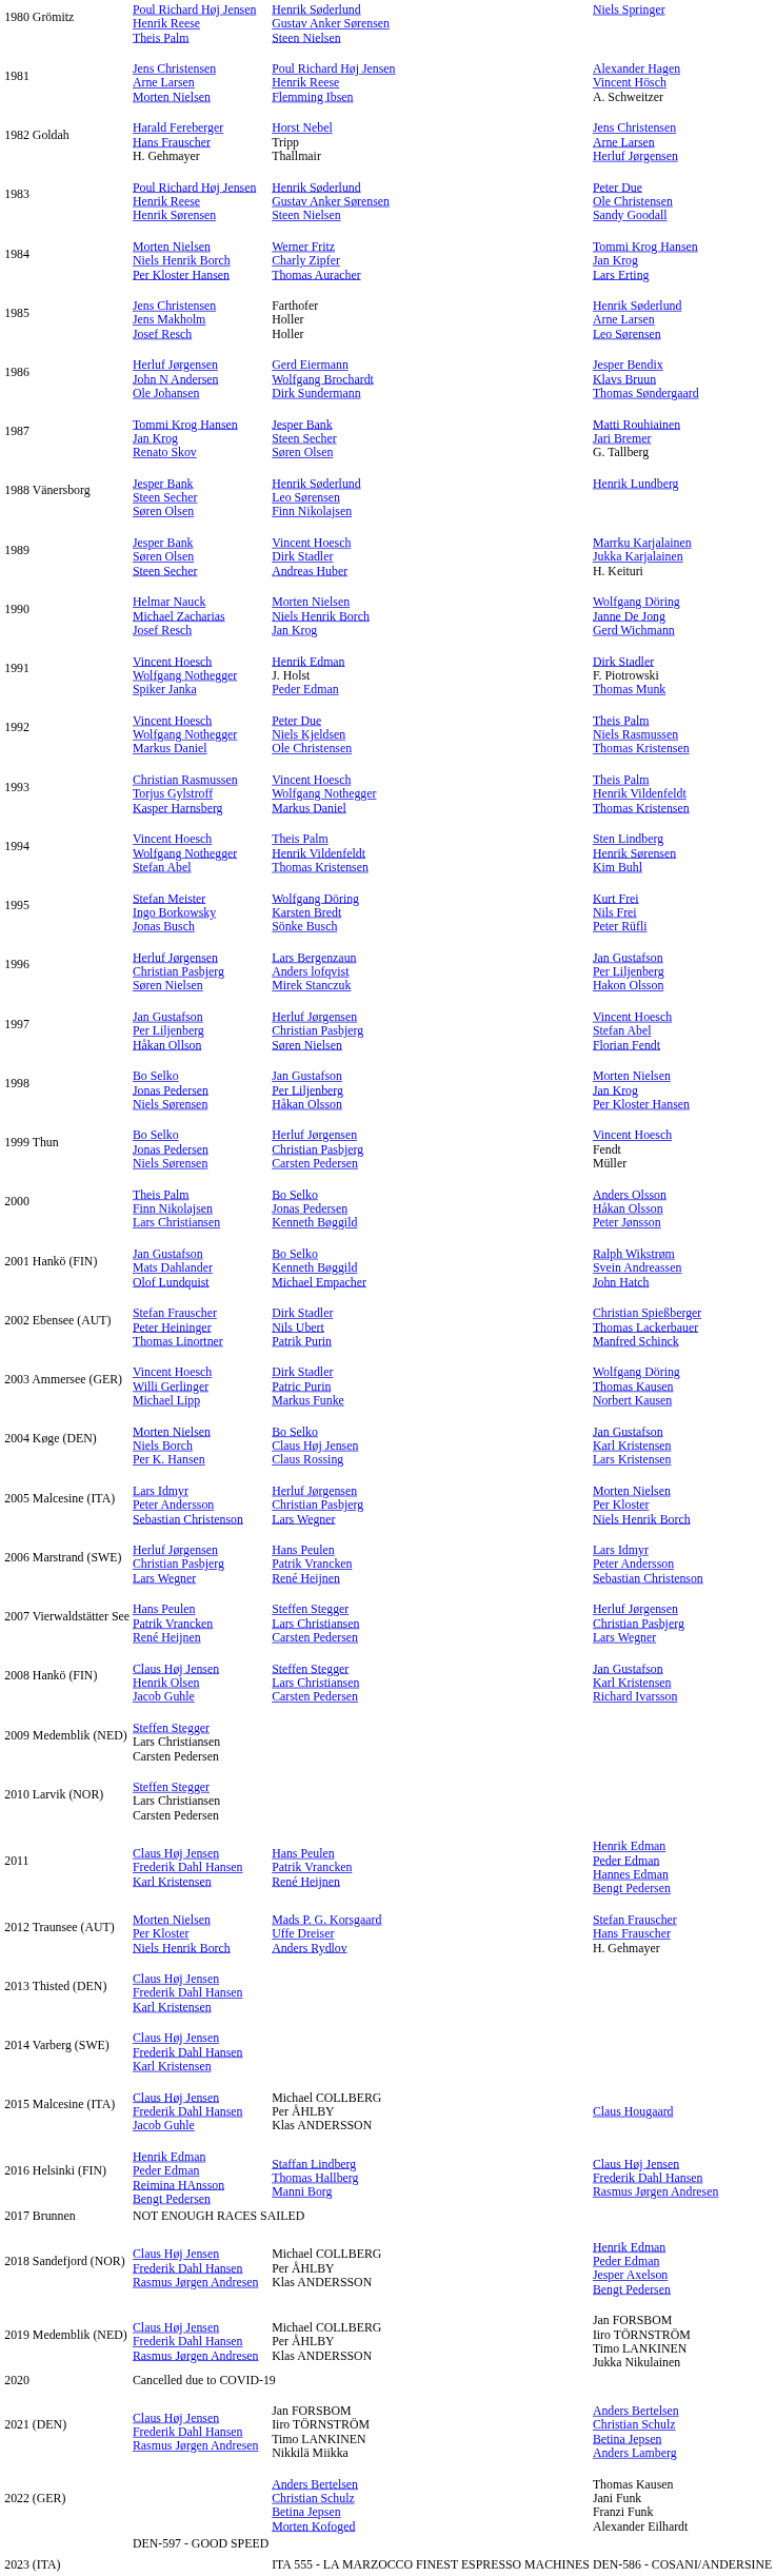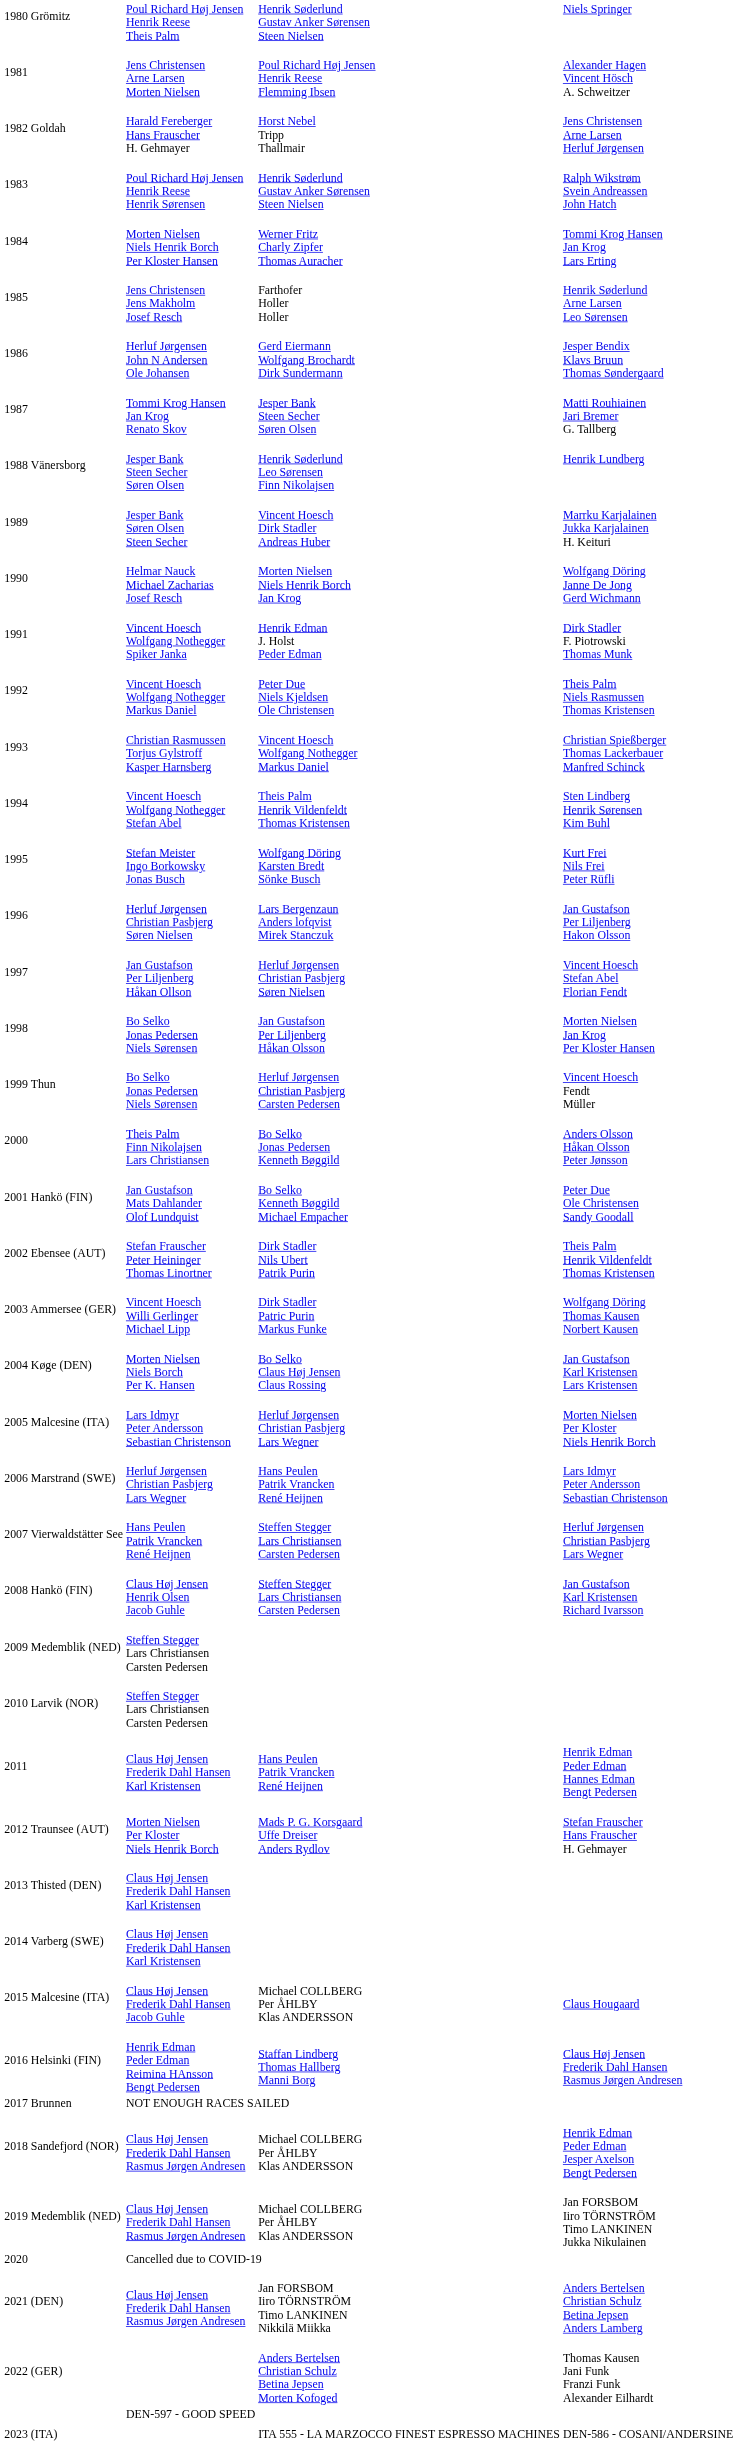 <table>
 <tr>
 <td>1980 Grömitz</td>
 <td><br><a href='#'>Poul Richard Høj Jensen</a><br><a href='#'>Henrik Reese</a><br><a href='#'>Theis Palm</a></td>
 <td><br><a href='#'>Henrik Søderlund</a><br><a href='#'>Gustav Anker Sørensen</a><br><a href='#'>Steen Nielsen</a></td>
 <td><br><a href='#'>Niels Springer</a><br> <br> </td>
 </tr>
 <tr>
 <td>1981</td>
 <td><br><a href='#'>Jens Christensen</a><br><a href='#'>Arne Larsen</a><br><a href='#'>Morten Nielsen</a></td>
 <td><br><a href='#'>Poul Richard Høj Jensen</a><br><a href='#'>Henrik Reese</a><br><a href='#'>Flemming Ibsen</a></td>
 <td><br><a href='#'>Alexander Hagen</a><br><a href='#'>Vincent Hösch</a><br>A. Schweitzer</td>
 </tr>
 <tr>
 <td>1982 Goldah</td>
 <td><br><a href='#'>Harald Fereberger</a><br><a href='#'>Hans Frauscher</a><br>H. Gehmayer</td>
 <td><br><a href='#'>Horst Nebel</a><br>Tripp<br>Thallmair</td>
 <td><br><a href='#'>Jens Christensen</a><br><a href='#'>Arne Larsen</a><br><a href='#'>Herluf Jørgensen</a></td>
 </tr>
 <tr>
 <td>1983</td>
 <td><br><a href='#'>Poul Richard Høj Jensen</a><br><a href='#'>Henrik Reese</a><br><a href='#'>Henrik Sørensen</a></td>
 <td><br><a href='#'>Henrik Søderlund</a><br><a href='#'>Gustav Anker Sørensen</a><br><a href='#'>Steen Nielsen</a></td>
-<td><br><a href='#'>Peter Due</a><br><a href='#'>Ole Christensen</a><br><a href='#'>Sandy Goodall</a></td>
+<td><br><a href='#'>Ralph Wikstrøm</a><br><a href='#'>Svein Andreassen</a><br><a href='#'>John Hatch</a></td>
 </tr>
 <tr>
 <td>1984</td>
 <td><br><a href='#'>Morten Nielsen</a><br><a href='#'>Niels Henrik Borch</a><br><a href='#'>Per Kloster Hansen</a></td>
 <td><br><a href='#'>Werner Fritz</a><br><a href='#'>Charly Zipfer</a><br><a href='#'>Thomas Auracher</a></td>
 <td><br><a href='#'>Tommi Krog Hansen</a><br><a href='#'>Jan Krog</a><br><a href='#'>Lars Erting</a></td>
 </tr>
 <tr>
 <td>1985</td>
 <td><br><a href='#'>Jens Christensen</a><br><a href='#'>Jens Makholm</a><br><a href='#'>Josef Resch</a></td>
 <td><br>Farthofer<br>Holler<br>Holler</td>
 <td><br><a href='#'>Henrik Søderlund</a><br><a href='#'>Arne Larsen</a><br><a href='#'>Leo Sørensen</a></td>
 </tr>
 <tr>
 <td>1986</td>
 <td><br><a href='#'>Herluf Jørgensen</a><br><a href='#'>John N Andersen</a><br><a href='#'>Ole Johansen</a></td>
 <td><br><a href='#'>Gerd Eiermann</a><br><a href='#'>Wolfgang Brochardt</a><br><a href='#'>Dirk Sundermann</a></td>
 <td><br><a href='#'>Jesper Bendix</a><br><a href='#'>Klavs Bruun</a><br><a href='#'>Thomas Søndergaard</a></td>
 </tr>
 <tr>
 <td>1987</td>
 <td><br><a href='#'>Tommi Krog Hansen</a><br><a href='#'>Jan Krog</a><br><a href='#'>Renato Skov</a></td>
 <td><br><a href='#'>Jesper Bank</a><br><a href='#'>Steen Secher</a><br><a href='#'>Søren Olsen</a></td>
 <td><br><a href='#'>Matti Rouhiainen</a><br><a href='#'>Jari Bremer</a><br>G. Tallberg</td>
 </tr>
 <tr>
 <td>1988 Vänersborg</td>
 <td><br><a href='#'>Jesper Bank</a><br><a href='#'>Steen Secher</a><br><a href='#'>Søren Olsen</a></td>
 <td><br><a href='#'>Henrik Søderlund</a><br><a href='#'>Leo Sørensen</a><br><a href='#'>Finn Nikolajsen</a></td>
 <td><br><a href='#'>Henrik Lundberg</a><br> <br> </td>
 </tr>
 <tr>
 <td>1989</td>
 <td><br><a href='#'>Jesper Bank</a><br><a href='#'>Søren Olsen</a><br><a href='#'>Steen Secher</a></td>
 <td><br><a href='#'>Vincent Hoesch</a><br><a href='#'>Dirk Stadler</a><br><a href='#'>Andreas Huber</a></td>
 <td><br><a href='#'>Marrku Karjalainen</a><br><a href='#'>Jukka Karjalainen</a><br>H. Keituri</td>
 </tr>
 <tr>
 <td>1990</td>
 <td><br><a href='#'>Helmar Nauck</a><br><a href='#'>Michael Zacharias</a><br><a href='#'>Josef Resch</a></td>
 <td><br><a href='#'>Morten Nielsen</a><br><a href='#'>Niels Henrik Borch</a><br><a href='#'>Jan Krog</a></td>
 <td><br><a href='#'>Wolfgang Döring</a><br><a href='#'>Janne De Jong</a><br><a href='#'>Gerd Wichmann</a></td>
 </tr>
 <tr>
 <td>1991</td>
 <td><br><a href='#'>Vincent Hoesch</a><br><a href='#'>Wolfgang Nothegger</a><br><a href='#'>Spiker Janka</a></td>
 <td><br><a href='#'>Henrik Edman</a><br>J. Holst<br><a href='#'>Peder Edman</a></td>
 <td><br><a href='#'>Dirk Stadler</a><br>F. Piotrowski<br><a href='#'>Thomas Munk</a></td>
 </tr>
 <tr>
 <td>1992</td>
 <td><br><a href='#'>Vincent Hoesch</a><br><a href='#'>Wolfgang Nothegger</a><br><a href='#'>Markus Daniel</a></td>
 <td><br><a href='#'>Peter Due</a><br><a href='#'>Niels Kjeldsen</a><br><a href='#'>Ole Christensen</a></td>
 <td><br><a href='#'>Theis Palm</a><br><a href='#'>Niels Rasmussen</a><br><a href='#'>Thomas Kristensen</a></td>
 </tr>
 <tr>
 <td>1993</td>
 <td><br><a href='#'>Christian Rasmussen</a><br><a href='#'>Torjus Gylstroff</a><br><a href='#'>Kasper Harnsberg</a></td>
 <td><br><a href='#'>Vincent Hoesch</a><br><a href='#'>Wolfgang Nothegger</a><br><a href='#'>Markus Daniel</a></td>
-<td><br><a href='#'>Theis Palm</a><br><a href='#'>Henrik Vildenfeldt</a><br><a href='#'>Thomas Kristensen</a></td>
+<td><br><a href='#'>Christian Spießberger</a><br><a href='#'>Thomas Lackerbauer</a><br><a href='#'>Manfred Schinck</a></td>
 </tr>
 <tr>
 <td>1994</td>
 <td><br><a href='#'>Vincent Hoesch</a><br><a href='#'>Wolfgang Nothegger</a><br><a href='#'>Stefan Abel</a></td>
 <td><br><a href='#'>Theis Palm</a><br><a href='#'>Henrik Vildenfeldt</a><br><a href='#'>Thomas Kristensen</a></td>
 <td><br><a href='#'>Sten Lindberg</a><br><a href='#'>Henrik Sørensen</a><br><a href='#'>Kim Buhl</a></td>
 </tr>
 <tr>
 <td>1995</td>
 <td><br><a href='#'>Stefan Meister</a><br><a href='#'>Ingo Borkowsky</a><br><a href='#'>Jonas Busch</a></td>
 <td><br><a href='#'>Wolfgang Döring</a><br><a href='#'>Karsten Bredt</a><br><a href='#'>Sönke Busch</a></td>
 <td><br><a href='#'>Kurt Frei</a><br><a href='#'>Nils Frei</a><br><a href='#'>Peter Rüfli</a></td>
 </tr>
 <tr>
 <td>1996</td>
 <td><br><a href='#'>Herluf Jørgensen</a><br><a href='#'>Christian Pasbjerg</a><br><a href='#'>Søren Nielsen</a></td>
 <td><br><a href='#'>Lars Bergenzaun</a><br><a href='#'>Anders lofqvist</a><br><a href='#'>Mirek Stanczuk</a></td>
 <td><br><a href='#'>Jan Gustafson</a><br><a href='#'>Per Liljenberg</a><br><a href='#'>Hakon Olsson</a></td>
 </tr>
 <tr>
 <td>1997</td>
 <td><br><a href='#'>Jan Gustafson</a><br><a href='#'>Per Liljenberg</a><br><a href='#'>Håkan Ollson</a></td>
 <td><br><a href='#'>Herluf Jørgensen</a><br><a href='#'>Christian Pasbjerg</a><br><a href='#'>Søren Nielsen</a></td>
 <td><br><a href='#'>Vincent Hoesch</a><br><a href='#'>Stefan Abel</a><br><a href='#'>Florian Fendt</a></td>
 </tr>
 <tr>
 <td>1998</td>
 <td><br><a href='#'>Bo Selko</a><br><a href='#'>Jonas Pedersen</a><br><a href='#'>Niels Sørensen</a></td>
 <td><br><a href='#'>Jan Gustafson</a><br><a href='#'>Per Liljenberg</a><br><a href='#'>Håkan Olsson</a></td>
 <td><br><a href='#'>Morten Nielsen</a><br><a href='#'>Jan Krog</a><br><a href='#'>Per Kloster Hansen</a></td>
 </tr>
 <tr>
 <td>1999 Thun</td>
 <td><br><a href='#'>Bo Selko</a><br><a href='#'>Jonas Pedersen</a><br><a href='#'>Niels Sørensen</a></td>
 <td><br><a href='#'>Herluf Jørgensen</a><br><a href='#'>Christian Pasbjerg</a><br><a href='#'>Carsten Pedersen</a></td>
 <td><br><a href='#'>Vincent Hoesch</a><br>Fendt<br>Müller</td>
 </tr>
 <tr>
 <td>2000</td>
 <td><br><a href='#'>Theis Palm</a><br><a href='#'>Finn Nikolajsen</a><br><a href='#'>Lars Christiansen</a></td>
 <td><br><a href='#'>Bo Selko</a><br><a href='#'>Jonas Pedersen</a><br><a href='#'>Kenneth Bøggild</a></td>
 <td><br><a href='#'>Anders Olsson</a><br><a href='#'>Håkan Olsson</a><br><a href='#'>Peter Jønsson</a></td>
 </tr>
 <tr>
 <td>2001 Hankö (FIN)</td>
 <td><br><a href='#'>Jan Gustafson</a><br><a href='#'>Mats Dahlander</a><br><a href='#'>Olof Lundquist</a></td>
 <td><br><a href='#'>Bo Selko</a><br><a href='#'>Kenneth Bøggild</a><br><a href='#'>Michael Empacher</a></td>
-<td><br><a href='#'>Ralph Wikstrøm</a><br><a href='#'>Svein Andreassen</a><br><a href='#'>John Hatch</a></td>
+<td><br><a href='#'>Peter Due</a><br><a href='#'>Ole Christensen</a><br><a href='#'>Sandy Goodall</a></td>
 </tr>
 <tr>
 <td>2002 Ebensee (AUT)</td>
 <td><br><a href='#'>Stefan Frauscher</a><br><a href='#'>Peter Heininger</a><br><a href='#'>Thomas Linortner</a></td>
 <td><br><a href='#'>Dirk Stadler</a><br><a href='#'>Nils Ubert</a><br><a href='#'>Patrik Purin</a></td>
-<td><br><a href='#'>Christian Spießberger</a><br><a href='#'>Thomas Lackerbauer</a><br><a href='#'>Manfred Schinck</a></td>
+<td><br><a href='#'>Theis Palm</a><br><a href='#'>Henrik Vildenfeldt</a><br><a href='#'>Thomas Kristensen</a></td>
 </tr>
 <tr>
 <td>2003 Ammersee (GER)</td>
 <td><br><a href='#'>Vincent Hoesch</a><br><a href='#'>Willi Gerlinger</a><br><a href='#'>Michael Lipp</a></td>
 <td><br><a href='#'>Dirk Stadler</a><br><a href='#'>Patric Purin</a><br><a href='#'>Markus Funke</a></td>
 <td><br><a href='#'>Wolfgang Döring</a><br><a href='#'>Thomas Kausen</a><br><a href='#'>Norbert Kausen</a></td>
 <td></td>
 </tr>
 <tr>
 <td>2004 Køge (DEN)</td>
 <td><br><a href='#'>Morten Nielsen</a><br><a href='#'>Niels Borch</a><br><a href='#'>Per K. Hansen</a></td>
 <td><br><a href='#'>Bo Selko</a><br><a href='#'>Claus Høj Jensen</a><br><a href='#'>Claus Rossing</a></td>
 <td><br><a href='#'>Jan Gustafson</a><br><a href='#'>Karl Kristensen</a><br><a href='#'>Lars Kristensen</a></td>
 </tr>
 <tr>
 <td>2005 Malcesine (ITA)</td>
 <td><br><a href='#'>Lars Idmyr</a><br><a href='#'>Peter Andersson</a><br><a href='#'>Sebastian Christenson</a></td>
 <td><br><a href='#'>Herluf Jørgensen</a><br><a href='#'>Christian Pasbjerg</a><br><a href='#'>Lars Wegner</a></td>
 <td><br><a href='#'>Morten Nielsen</a><br><a href='#'>Per Kloster</a><br><a href='#'>Niels Henrik Borch</a></td>
 </tr>
 <tr>
 <td>2006 Marstrand (SWE)</td>
 <td><br><a href='#'>Herluf Jørgensen</a><br><a href='#'>Christian Pasbjerg</a><br><a href='#'>Lars Wegner</a></td>
 <td><br><a href='#'>Hans Peulen</a><br><a href='#'>Patrik Vrancken</a><br><a href='#'>René Heijnen</a></td>
 <td><br><a href='#'>Lars Idmyr</a><br><a href='#'>Peter Andersson</a><br><a href='#'>Sebastian Christenson</a></td>
 </tr>
 <tr>
 <td>2007 Vierwaldstätter See</td>
 <td><br><a href='#'>Hans Peulen</a><br><a href='#'>Patrik Vrancken</a><br><a href='#'>René Heijnen</a></td>
 <td><br><a href='#'>Steffen Stegger</a><br><a href='#'>Lars Christiansen</a><br><a href='#'>Carsten Pedersen</a></td>
 <td><br><a href='#'>Herluf Jørgensen</a><br><a href='#'>Christian Pasbjerg</a><br><a href='#'>Lars Wegner</a></td>
 </tr>
 <tr>
 <td>2008 Hankö (FIN)</td>
 <td><br><a href='#'>Claus Høj Jensen</a><br><a href='#'>Henrik Olsen</a><br><a href='#'>Jacob Guhle</a></td>
 <td><br><a href='#'>Steffen Stegger</a><br><a href='#'>Lars Christiansen</a><br><a href='#'>Carsten Pedersen</a></td>
 <td><br><a href='#'>Jan Gustafson</a><br><a href='#'>Karl Kristensen</a><br><a href='#'>Richard Ivarsson</a></td>
 </tr>
 <tr>
 <td>2009 Medemblik (NED)</td>
 <td><br><a href='#'>Steffen Stegger</a><br>Lars Christiansen<br>Carsten Pedersen</td>
 <td></td>
 <td></td>
 </tr>
 <tr>
 <td>2010 Larvik (NOR)</td>
 <td><br><a href='#'>Steffen Stegger</a><br>Lars Christiansen<br>Carsten Pedersen</td>
 <td></td>
 <td></td>
 </tr>
 <tr>
 <td>2011</td>
 <td><br><a href='#'>Claus Høj Jensen</a><br><a href='#'>Frederik Dahl Hansen</a><br><a href='#'>Karl Kristensen</a></td>
 <td><br><a href='#'>Hans Peulen</a><br><a href='#'>Patrik Vrancken</a><br><a href='#'>René Heijnen</a></td>
 <td><br><a href='#'>Henrik Edman</a><br><a href='#'>Peder Edman</a><br><a href='#'>Hannes Edman</a><br><a href='#'>Bengt Pedersen</a></td>
 <td></td>
 </tr>
 <tr>
 <td>2012 Traunsee (AUT)</td>
 <td><br><a href='#'>Morten Nielsen</a><br><a href='#'>Per Kloster</a><br><a href='#'>Niels Henrik Borch</a></td>
 <td><br><a href='#'>Mads P. G. Korsgaard</a><br><a href='#'>Uffe Dreiser</a><br><a href='#'>Anders Rydlov</a></td>
 <td><br><a href='#'>Stefan Frauscher</a><br><a href='#'>Hans Frauscher</a><br>H. Gehmayer</td>
 <td></td>
 </tr>
 <tr>
 <td>2013 Thisted (DEN)</td>
 <td><br><a href='#'>Claus Høj Jensen</a><br><a href='#'>Frederik Dahl Hansen</a><br><a href='#'>Karl Kristensen</a></td>
 <td></td>
 <td></td>
 <td></td>
 </tr>
 <tr>
 <td>2014 Varberg (SWE)</td>
 <td><br><a href='#'>Claus Høj Jensen</a><br><a href='#'>Frederik Dahl Hansen</a><br><a href='#'>Karl Kristensen</a></td>
 <td></td>
 <td></td>
 <td></td>
 </tr>
 <tr>
 <td>2015 Malcesine (ITA)</td>
 <td><br><a href='#'>Claus Høj Jensen</a><br><a href='#'>Frederik Dahl Hansen</a><br><a href='#'>Jacob Guhle</a></td>
 <td><br> Michael COLLBERG<br>Per ÅHLBY<br>Klas ANDERSSON</td>
 <td><br><a href='#'>Claus Hougaard</a></td>
 <td></td>
 </tr>
 <tr>
 <td>2016 Helsinki (FIN)</td>
 <td><br><a href='#'>Henrik Edman</a><br><a href='#'>Peder Edman</a><br><a href='#'>Reimina HAnsson</a><br><a href='#'>Bengt Pedersen</a></td>
 <td><br><a href='#'>Staffan Lindberg</a><br><a href='#'>Thomas Hallberg</a><br><a href='#'>Manni Borg</a></td>
 <td><br><a href='#'>Claus Høj Jensen</a><br><a href='#'>Frederik Dahl Hansen</a><br><a href='#'>Rasmus Jørgen Andresen</a></td>
 <td></td>
 </tr>
 <tr>
 <td>2017 Brunnen</td>
 <td colspan=3>NOT ENOUGH RACES SAILED</td>
 <td></td>
 </tr>
 <tr>
 <td>2018 Sandefjord (NOR)</td>
 <td><br><a href='#'>Claus Høj Jensen</a><br><a href='#'>Frederik Dahl Hansen</a><br><a href='#'>Rasmus Jørgen Andresen</a></td>
 <td><br> Michael COLLBERG<br>Per ÅHLBY<br>Klas ANDERSSON</td>
 <td><br><a href='#'>Henrik Edman</a><br><a href='#'>Peder Edman</a><br><a href='#'>Jesper Axelson</a><br><a href='#'>Bengt Pedersen</a></td>
 <td></td>
 </tr>
 <tr>
 <td>2019 Medemblik (NED)</td>
 <td><br><a href='#'>Claus Høj Jensen</a><br><a href='#'>Frederik Dahl Hansen</a><br><a href='#'>Rasmus Jørgen Andresen</a></td>
 <td><br> Michael COLLBERG<br>Per ÅHLBY<br>Klas ANDERSSON</td>
 <td><br> Jan FORSBOM<br>Iiro TÖRNSTRÖM<br>Timo LANKINEN<br>Jukka Nikulainen<br></td>
 <td></td>
 </tr>
 <tr>
 <td>2020</td>
 <td colspan=3>Cancelled due to COVID-19</td>
 <td></td>
 </tr>
 <tr>
 <td>2021 (DEN)</td>
 <td><br><a href='#'>Claus Høj Jensen</a><br><a href='#'>Frederik Dahl Hansen</a><br><a href='#'>Rasmus Jørgen Andresen</a></td>
 <td><br> Jan FORSBOM<br>Iiro TÖRNSTRÖM<br>Timo LANKINEN<br>Nikkilä Miikka<br></td>
 <td><br><a href='#'>Anders Bertelsen</a><br><a href='#'>Christian Schulz</a><br><a href='#'>Betina Jepsen</a><br><a href='#'>Anders Lamberg</a></td>
 <td></td>
 </tr>
 <tr>
 <td>2022 (GER)</td>
 <td><br><br></td>
 <td><br><a href='#'>Anders Bertelsen</a><br><a href='#'>Christian Schulz</a><br><a href='#'>Betina Jepsen</a><br><a href='#'>Morten Kofoged</a></td>
 <td><br> Thomas Kausen<br>Jani Funk<br>Franzi Funk<br>Alexander Eilhardt</td>
 <td></td>
 </tr>
 <tr>
 <td>2023 (ITA)</td>
 <td>DEN-597 - GOOD SPEED <br><br><br><br></td>
 <td>ITA 555 - LA MARZOCCO FINEST ESPRESSO MACHINES<br></td>
 <td>DEN-586 - COSANI/ANDERSINE</td>
 <td></td>
 </tr>
 </table>
